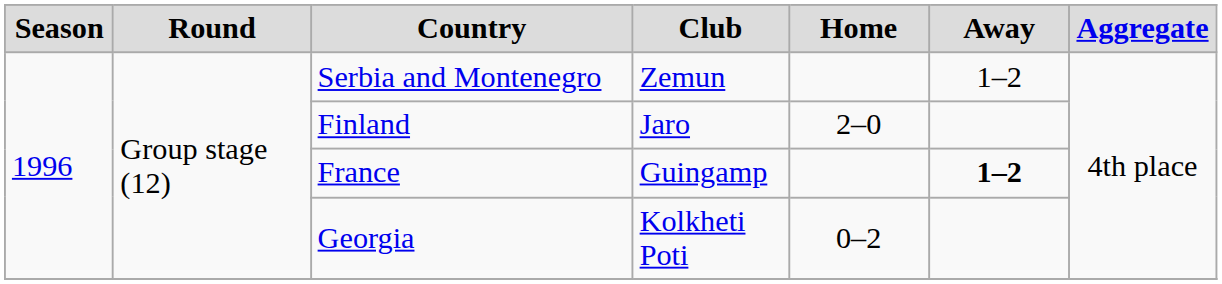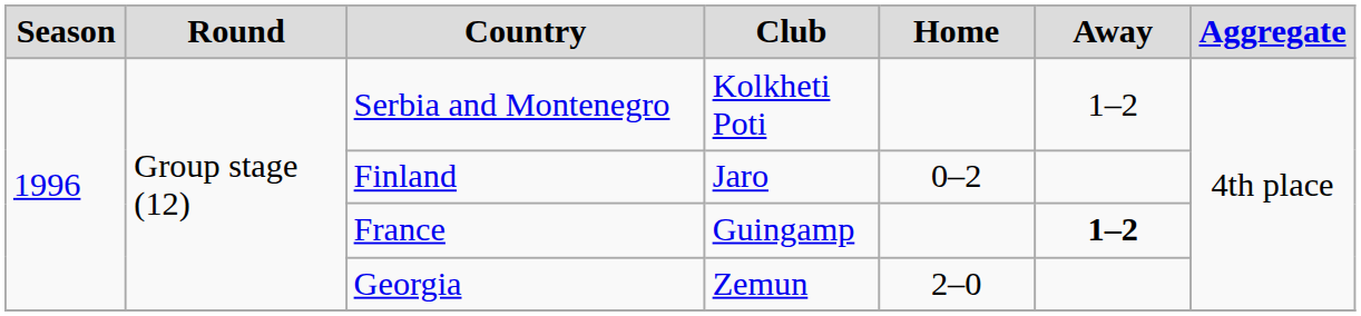 <table class="wikitable" style="text-align: center;">
 <tr>
 <th width="50" style="background:#DCDCDC">Season</th>
 <th width="97" style="background:#DCDCDC">Round</th>
 <th width="163" style="background:#DCDCDC">Country</th>
 <th width="75" style="background:#DCDCDC">Club</th>
 <th width="67" style="background:#DCDCDC">Home</th>
 <th width="67" style="background:#DCDCDC">Away</th>
 <th width="67" style="background:#DCDCDC"><a href='#'>Aggregate</a></th>
 </tr>
 <tr>
 <td rowspan=4 align=left><a href='#'>1996</a></td>
 <td rowspan=4 align=left>Group stage (12)</td>
 <td align=left> <a href='#'>Serbia and Montenegro</a></td>
-<td align=left><a href='#'>Zemun</a></td>
+<td align=left><a href='#'>Kolkheti Poti</a></td>
 <td></td>
 <td>1–2</td>
 <td rowspan="4">4th place</td>
 </tr>
 <tr>
 <td align=left> <a href='#'>Finland</a></td>
 <td align=left><a href='#'>Jaro</a></td>
-<td>2–0</td>
+<td>0–2</td>
 <td></td>
 </tr>
 <tr>
 <td align=left> <a href='#'>France</a></td>
 <td align=left><a href='#'>Guingamp</a></td>
 <td></td>
 <td><strong>1–2</strong></td>
 </tr>
 <tr>
 <td align=left> <a href='#'>Georgia</a></td>
-<td align=left><a href='#'>Kolkheti Poti</a></td>
-<td>0–2</td>
+<td align=left><a href='#'>Zemun</a></td>
+<td>2–0</td>
 <td></td>
 </tr>
 <tr>
 </tr>
 </table>
